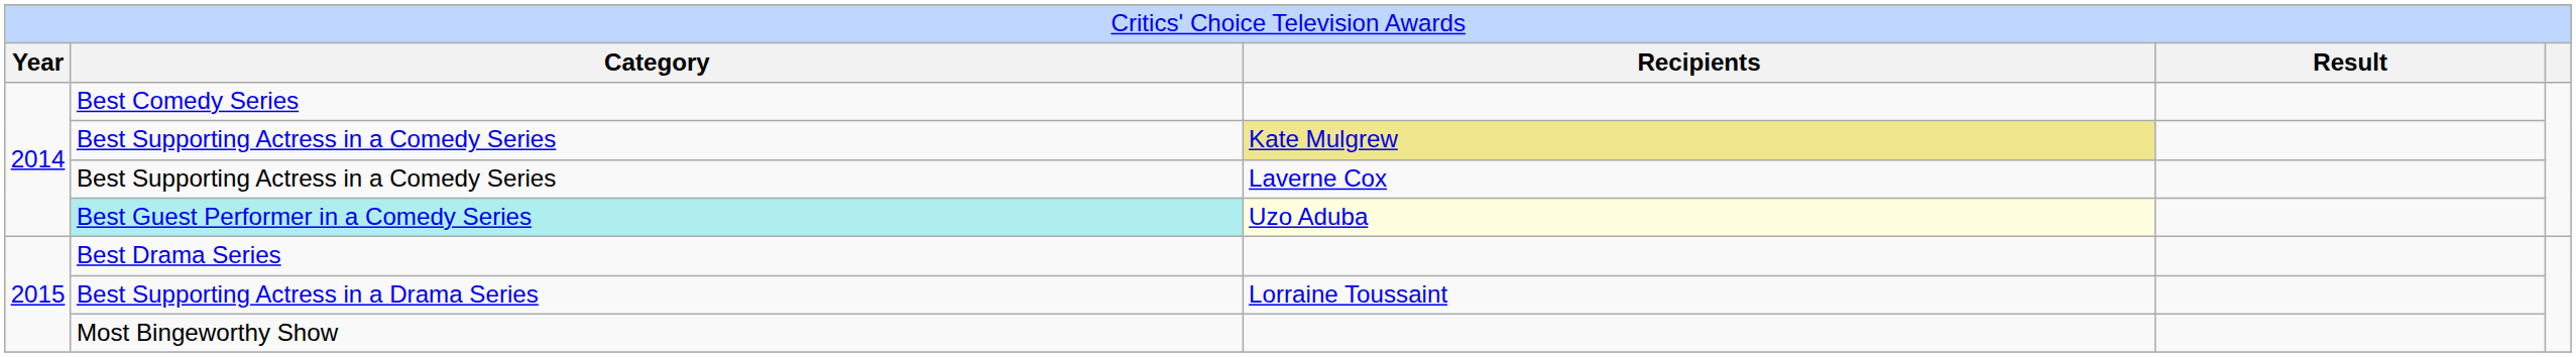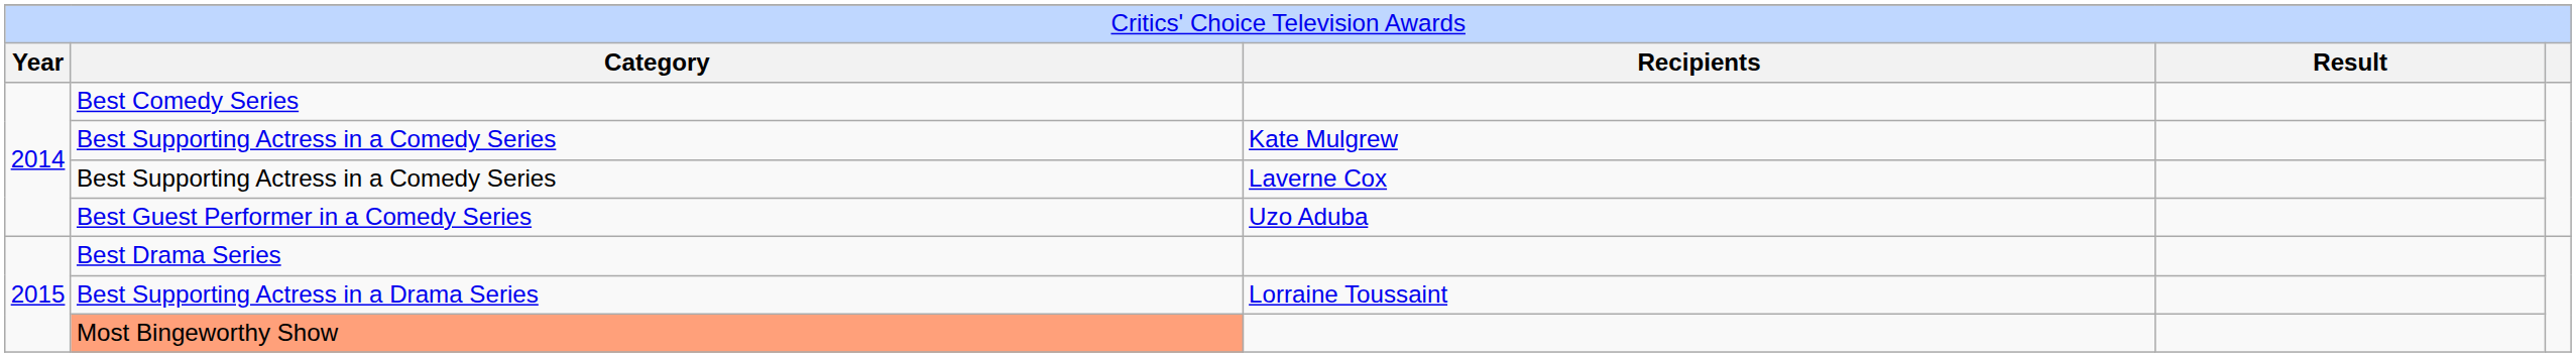 <table class="wikitable plainrowheaders" style="font-size: 100%; width:85%">
 <tr>
 </tr>
 <tr ---- bgcolor="#bfd7ff">
 <td colspan=6 align=center><a href='#'>Critics' Choice Television Awards</a></td>
 </tr>
 <tr ---- bgcolor="#ebf5ff">
 <th scope="col" style="width:2%;">Year</th>
 <th scope="col" style="width:45%;">Category</th>
 <th scope="col" style="width:35%;">Recipients</th>
 <th scope="col" style="width:15%;">Result</th>
 <th scope="col" class="unsortable" style="width:1%;"></th>
 </tr>
 <tr>
 <td rowspan=4 style="text-align:center;"><a href='#'>2014</a></td>
 <td><a href='#'>Best Comedy Series</a></td>
 <td></td>
 <td></td>
 <td rowspan=4 style="text-align:center;"></td>
 </tr>
 <tr>
 <td><a href='#'>Best Supporting Actress in a Comedy Series</a></td>
-<td style="background: khaki;"><a href='#'>Kate Mulgrew</a></td>
+<td><a href='#'>Kate Mulgrew</a></td>
 <td></td>
 </tr>
 <tr>
 <td>Best Supporting Actress in a Comedy Series</td>
 <td><a href='#'>Laverne Cox</a></td>
 <td></td>
 </tr>
 <tr>
-<td style="background: paleturquoise;"><a href='#'>Best Guest Performer in a Comedy Series</a></td>
-<td style="background: lightyellow;"><a href='#'>Uzo Aduba</a></td>
+<td><a href='#'>Best Guest Performer in a Comedy Series</a></td>
+<td><a href='#'>Uzo Aduba</a></td>
 <td></td>
 </tr>
 <tr>
 <td rowspan=3 style="text-align:center;"><a href='#'>2015</a></td>
 <td><a href='#'>Best Drama Series</a></td>
 <td></td>
 <td></td>
 <td rowspan=3 style="text-align:center;"></td>
 </tr>
 <tr>
 <td><a href='#'>Best Supporting Actress in a Drama Series</a></td>
 <td><a href='#'>Lorraine Toussaint</a></td>
 <td></td>
 </tr>
 <tr>
-<td>Most Bingeworthy Show</td>
+<td style="background: lightsalmon;">Most Bingeworthy Show</td>
 <td></td>
 <td></td>
 </tr>
 </table>
